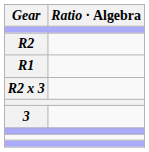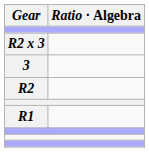 <table class="wikitable collapsible" style="text-align:center">
 <tr>
 <th><em>Gear</em></th>
 <th><em>Ratio</em> · Algebra</th>
 </tr>
 <tr>
 <td colspan=2 style="background:#AAF;"></td>
 </tr>
 <tr>
-<th><em>R2</em></th>
+<th><em>R2 x 3</em></th>
 <td></td>
 </tr>
 <tr>
-<th><em>R1</em></th>
+<th><em>3</em></th>
 <td></td>
 </tr>
 <tr>
-<th><em>R2 x 3</em></th>
+<th><em>R2</em></th>
 <td></td>
 </tr>
 <tr>
 <th colspan=2></th>
 </tr>
 <tr>
-<th><em>3</em></th>
+<th><em>R1</em></th>
 <td></td>
 </tr>
 <tr>
 <td colspan=2 style="background:#AAF;"></td>
 </tr>
 <tr>
 <td colspan=2></td>
 </tr>
 <tr>
 <td colspan=2 style="background:#AAF;"></td>
 </tr>
 </table>
